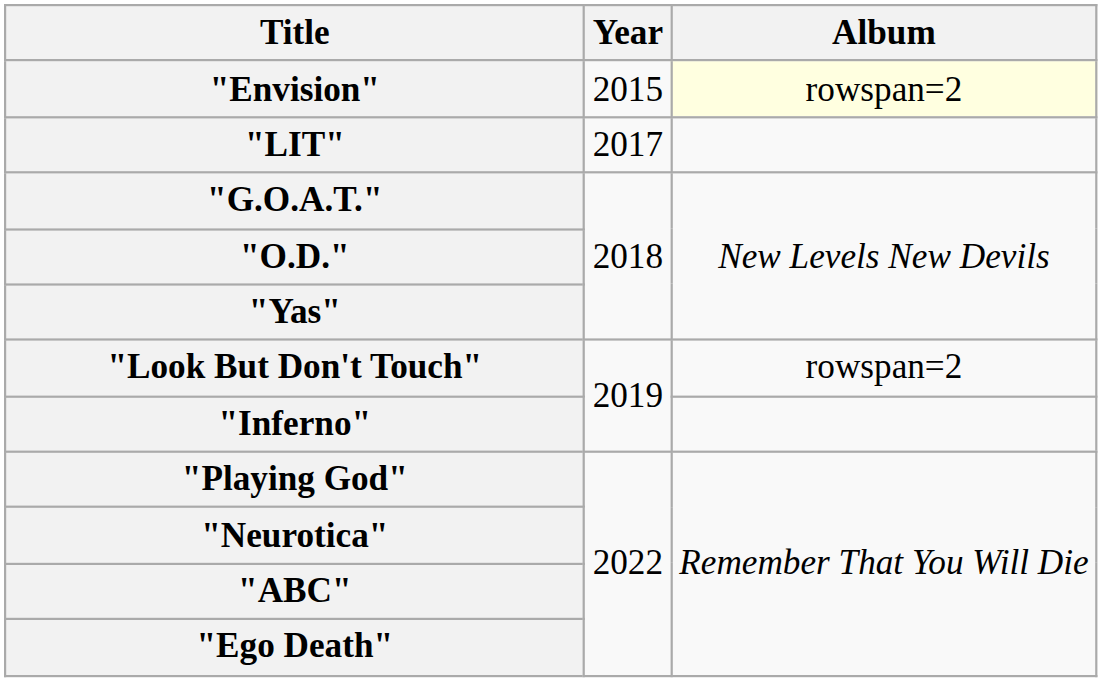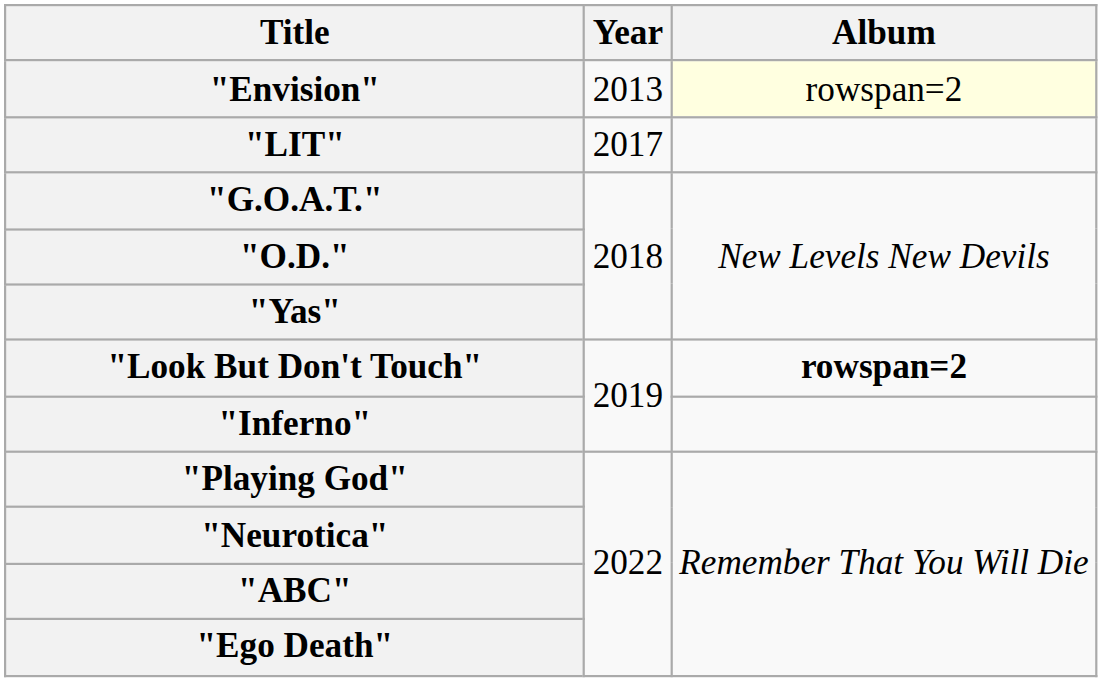 <table class="wikitable plainrowheaders" style="text-align:center;">
 <tr>
 <th scope="col" style="width:16em;">Title</th>
 <th scope="col">Year</th>
 <th scope="col">Album</th>
 </tr>
 <tr>
 <th scope="row">"Envision"<br></th>
-<td>2015</td>
+<td>2013</td>
 <td style="background: lightyellow;">rowspan=2 </td>
 </tr>
 <tr>
 <th scope="row">"LIT"</th>
 <td>2017</td>
 </tr>
 <tr>
 <th scope="row">"G.O.A.T."</th>
 <td rowspan=3>2018</td>
 <td rowspan=3><em>New Levels New Devils</em></td>
 </tr>
 <tr>
 <th scope="row">"O.D."</th>
 </tr>
 <tr>
 <th scope="row">"Yas"<br></th>
 </tr>
 <tr>
 <th scope="row">"Look But Don't Touch"<br></th>
 <td rowspan=2>2019</td>
-<td>rowspan=2 </td>
+<td><strong>rowspan=2 </strong></td>
 </tr>
 <tr>
 <th scope="row">"Inferno"</th>
 </tr>
 <tr>
 <th scope="row">"Playing God"</th>
 <td rowspan=4>2022</td>
 <td rowspan=4><em>Remember That You Will Die</em></td>
 </tr>
 <tr>
 <th scope="row">"Neurotica"</th>
 </tr>
 <tr>
 <th scope="row">"ABC"<br></th>
 </tr>
 <tr>
 <th scope="row">"Ego Death"<br></th>
 </tr>
 </table>
